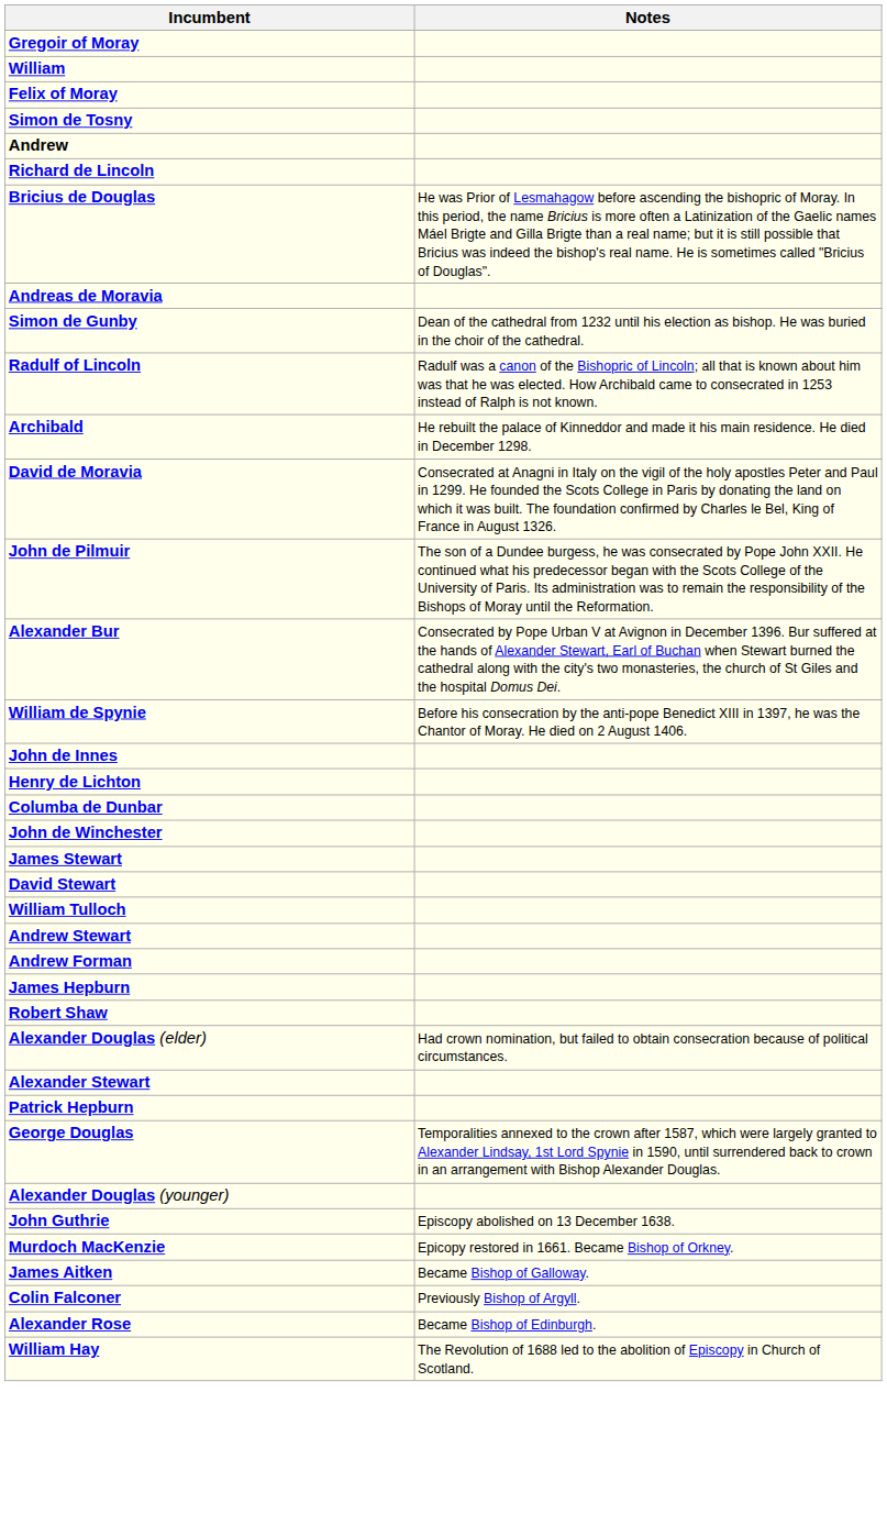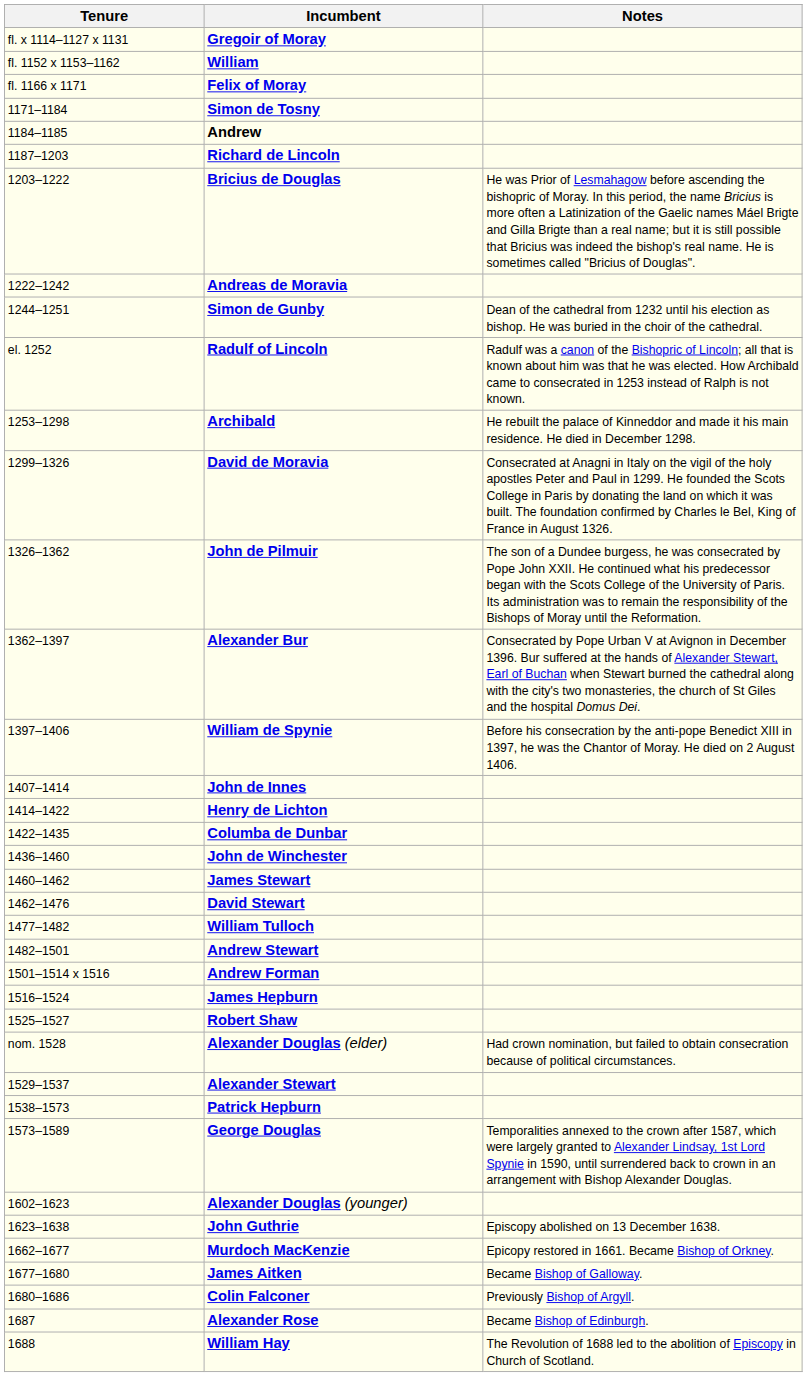 <table class="wikitable">
 <tr align=left>
+<th width="25%">Tenure</th>
 <th width="35%">Incumbent</th>
 <th width="40%">Notes</th>
 </tr>
 <tr valign=top bgcolor="#ffffec">
+<td><small>fl. x 1114–1127 x 1131</small></td>
 <td><strong><a href='#'>Gregoir of Moray</a></strong></td>
 <td><small></small></td>
 </tr>
 <tr valign=top bgcolor="#ffffec">
+<td><small>fl. 1152 x 1153–1162</small></td>
 <td><strong><a href='#'>William</a></strong></td>
 <td><small></small></td>
 </tr>
 <tr valign=top bgcolor="#ffffec">
+<td><small>fl. 1166 x 1171</small></td>
 <td><strong><a href='#'>Felix of Moray</a></strong></td>
 <td><small></small></td>
 </tr>
 <tr valign=top bgcolor="#ffffec">
+<td><small>1171–1184</small></td>
 <td><strong><a href='#'>Simon de Tosny</a></strong></td>
 <td><small></small></td>
 </tr>
 <tr valign=top bgcolor="#ffffec">
+<td><small>1184–1185</small></td>
 <td><strong>Andrew</strong></td>
 <td><small></small></td>
 </tr>
 <tr valign=top bgcolor="#ffffec">
+<td><small>1187–1203</small></td>
 <td><strong><a href='#'>Richard de Lincoln</a></strong></td>
 <td><small></small></td>
 </tr>
 <tr valign=top bgcolor="#ffffec">
+<td><small>1203–1222</small></td>
 <td><strong><a href='#'>Bricius de Douglas</a></strong></td>
 <td><small>He was Prior of <a href='#'>Lesmahagow</a> before ascending the bishopric of Moray. In this period, the name <em>Bricius</em> is more often a Latinization of the Gaelic names Máel Brigte and Gilla Brigte than a real name; but it is still possible that Bricius was indeed the bishop's real name. He is sometimes called "Bricius of Douglas".</small></td>
 </tr>
 <tr valign=top bgcolor="#ffffec">
+<td><small>1222–1242</small></td>
 <td><strong><a href='#'>Andreas de Moravia</a></strong></td>
 <td><small></small></td>
 </tr>
 <tr valign=top bgcolor="#ffffec">
+<td><small>1244–1251</small></td>
 <td><strong><a href='#'>Simon de Gunby</a></strong></td>
 <td><small>Dean of the cathedral from 1232 until his election as bishop.  He was buried in the choir of the cathedral.</small></td>
 </tr>
 <tr valign=top bgcolor="#ffffec">
+<td><small>el. 1252</small></td>
 <td><strong><a href='#'>Radulf of Lincoln</a></strong></td>
 <td><small>Radulf was a <a href='#'>canon</a> of the <a href='#'>Bishopric of Lincoln</a>; all that is known about him was that he was elected. How Archibald came to consecrated in 1253 instead of Ralph is not known.</small></td>
 </tr>
 <tr valign=top bgcolor="#ffffec">
+<td><small>1253–1298</small></td>
 <td><strong><a href='#'>Archibald</a></strong></td>
 <td><small>He rebuilt the palace of Kinneddor and made it his main residence. He died in December 1298.</small></td>
 </tr>
 <tr valign=top bgcolor="#ffffec">
+<td><small>1299–1326</small></td>
 <td><strong><a href='#'>David de Moravia</a></strong></td>
 <td><small>Consecrated at Anagni in Italy on the vigil of the holy apostles Peter and Paul in 1299. He founded the Scots College in Paris by donating the land on which it was built.  The foundation confirmed by Charles le Bel, King of France in August 1326.</small></td>
 </tr>
 <tr valign=top bgcolor="#ffffec">
+<td><small>1326–1362</small></td>
 <td><strong><a href='#'>John de Pilmuir</a></strong></td>
 <td><small>The son of a Dundee burgess, he was consecrated by Pope John XXII.  He continued what his predecessor began with the Scots College of the University of Paris.  Its administration was to remain the responsibility of the Bishops of Moray until the Reformation.</small></td>
 </tr>
 <tr valign=top bgcolor="#ffffec">
+<td><small>1362–1397</small></td>
 <td><strong><a href='#'>Alexander Bur</a></strong></td>
 <td><small>Consecrated by Pope Urban V at Avignon in December 1396. Bur suffered at the hands of <a href='#'>Alexander Stewart, Earl of Buchan</a> when Stewart burned the cathedral along with the city's two monasteries, the church of St Giles and the hospital <em>Domus Dei</em>.</small></td>
 </tr>
 <tr valign=top bgcolor="#ffffec">
+<td><small>1397–1406</small></td>
 <td><strong><a href='#'>William de Spynie</a></strong></td>
 <td><small>Before his consecration by the anti-pope Benedict XIII in 1397, he was the Chantor of Moray. He died on 2 August 1406.</small></td>
 </tr>
 <tr valign=top bgcolor="#ffffec">
+<td><small>1407–1414</small></td>
 <td><strong><a href='#'>John de Innes</a></strong></td>
 <td><small></small></td>
 </tr>
 <tr valign=top bgcolor="#ffffec">
+<td><small>1414–1422</small></td>
 <td><strong><a href='#'>Henry de Lichton</a></strong></td>
 <td><small></small></td>
 </tr>
 <tr valign=top bgcolor="#ffffec">
+<td><small>1422–1435</small></td>
 <td><strong><a href='#'>Columba de Dunbar</a></strong></td>
 <td><small></small></td>
 </tr>
 <tr valign=top bgcolor="#ffffec">
+<td><small>1436–1460</small></td>
 <td><strong><a href='#'>John de Winchester</a></strong></td>
 <td><small></small></td>
 </tr>
 <tr valign=top bgcolor="#ffffec">
+<td><small>1460–1462</small></td>
 <td><strong><a href='#'>James Stewart</a></strong></td>
 <td><small></small></td>
 </tr>
 <tr valign=top bgcolor="#ffffec">
+<td><small>1462–1476</small></td>
 <td><strong><a href='#'>David Stewart</a></strong></td>
 <td><small></small></td>
 </tr>
 <tr valign=top bgcolor="#ffffec">
+<td><small>1477–1482</small></td>
 <td><strong><a href='#'>William Tulloch</a></strong></td>
 <td><small></small></td>
 </tr>
 <tr valign=top bgcolor="#ffffec">
+<td><small>1482–1501</small></td>
 <td><strong><a href='#'>Andrew Stewart</a></strong></td>
 <td><small></small></td>
 </tr>
 <tr valign=top bgcolor="#ffffec">
+<td><small>1501–1514 x 1516</small></td>
 <td><strong><a href='#'>Andrew Forman</a></strong></td>
 <td><small></small></td>
 </tr>
 <tr valign=top bgcolor="#ffffec">
+<td><small>1516–1524</small></td>
 <td><strong><a href='#'>James Hepburn</a></strong></td>
 <td><small></small></td>
 </tr>
 <tr valign=top bgcolor="#ffffec">
+<td><small>1525–1527</small></td>
 <td><strong><a href='#'>Robert Shaw</a></strong></td>
 <td><small></small></td>
 </tr>
 <tr valign=top bgcolor="#ffffec">
+<td><small>nom. 1528</small></td>
 <td><strong><a href='#'>Alexander Douglas</a></strong> <em>(elder)</em></td>
 <td><small>Had crown nomination, but failed to obtain consecration because of political circumstances.</small></td>
 </tr>
 <tr valign=top bgcolor="#ffffec">
+<td><small>1529–1537</small></td>
 <td><strong><a href='#'>Alexander Stewart</a></strong></td>
 <td><small></small></td>
 </tr>
 <tr valign=top bgcolor="#ffffec">
+<td><small>1538–1573</small></td>
 <td><strong><a href='#'>Patrick Hepburn</a></strong></td>
 <td><small></small></td>
 </tr>
 <tr valign=top bgcolor="#ffffec">
+<td><small>1573–1589</small></td>
 <td><strong><a href='#'>George Douglas</a></strong></td>
 <td><small>Temporalities annexed to the crown after 1587, which were largely granted to <a href='#'>Alexander Lindsay, 1st Lord Spynie</a> in 1590, until surrendered back to crown in an arrangement with Bishop Alexander Douglas.</small></td>
 </tr>
 <tr valign=top bgcolor="#ffffec">
+<td><small>1602–1623</small></td>
 <td><strong><a href='#'>Alexander Douglas</a></strong> <em>(younger)</em></td>
 <td><small></small></td>
 </tr>
 <tr valign=top bgcolor="#ffffec">
+<td><small>1623–1638</small></td>
 <td><strong><a href='#'>John Guthrie</a></strong></td>
 <td><small>Episcopy abolished on 13 December 1638.</small></td>
 </tr>
 <tr valign=top bgcolor="#ffffec">
+<td><small>1662–1677</small></td>
 <td><strong><a href='#'>Murdoch MacKenzie</a></strong></td>
 <td><small>Epicopy restored in 1661. Became <a href='#'>Bishop of Orkney</a>.</small></td>
 </tr>
 <tr valign=top bgcolor="#ffffec">
+<td><small>1677–1680</small></td>
 <td><strong><a href='#'>James Aitken</a></strong></td>
 <td><small>Became <a href='#'>Bishop of Galloway</a>.</small></td>
 </tr>
 <tr valign=top bgcolor="#ffffec">
+<td><small>1680–1686</small></td>
 <td><strong><a href='#'>Colin Falconer</a></strong></td>
 <td><small>Previously <a href='#'>Bishop of Argyll</a>.</small></td>
 </tr>
 <tr valign=top bgcolor="#ffffec">
+<td><small>1687</small></td>
 <td><strong><a href='#'>Alexander Rose</a></strong></td>
 <td><small>Became <a href='#'>Bishop of Edinburgh</a>.</small></td>
 </tr>
 <tr valign=top bgcolor="#ffffec">
+<td><small>1688</small></td>
 <td><strong><a href='#'>William Hay</a></strong></td>
 <td><small>The Revolution of 1688 led to the abolition of <a href='#'>Episcopy</a> in Church of Scotland.</small></td>
 </tr>
 </table>
